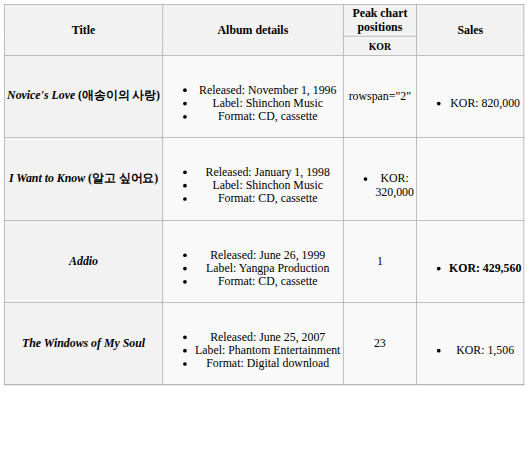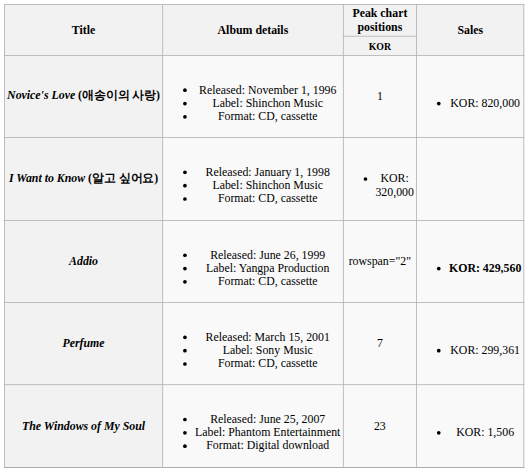 <table class="wikitable plainrowheaders" style="text-align:center;">
 <tr>
 <th scope="col" rowspan="2">Title</th>
 <th scope="col" rowspan="2">Album details</th>
 <th scope="col" colspan="1" style="width:5em;">Peak chart positions</th>
 <th scope="col" rowspan="2">Sales</th>
 </tr>
 <tr>
 <th><small>KOR</small><br></th>
 </tr>
 <tr>
 <th scope="row"><em>Novice's Love</em> (애송이의 사랑)</th>
 <td><br><ul><li>Released: November 1, 1996</li><li>Label: Shinchon Music</li><li>Format: CD, cassette</li></ul></td>
-<td>rowspan="2" </td>
+<td>1</td>
 <td><br><ul><li>KOR: 820,000</li></ul></td>
 </tr>
 <tr>
 <th scope="row"><em>I Want to Know</em> (알고 싶어요)</th>
 <td><br><ul><li>Released: January 1, 1998</li><li>Label: Shinchon Music</li><li>Format: CD, cassette</li></ul></td>
 <td><br><ul><li>KOR: 320,000</li></ul></td>
 </tr>
 <tr>
 <th scope="row"><em>Addio</em></th>
 <td><br><ul><li>Released: June 26, 1999</li><li>Label: Yangpa Production</li><li>Format: CD, cassette</li></ul></td>
-<td>1</td>
+<td>rowspan="2" </td>
 <td><strong><br><ul><li>KOR: 429,560</li></ul></strong></td>
+</tr>
+<tr>
+<th scope="row"><em>Perfume</em></th>
+<td><br><ul><li>Released: March 15, 2001</li><li>Label: Sony Music</li><li>Format: CD, cassette</li></ul></td>
+<td>7</td>
+<td><br><ul><li>KOR: 299,361</li></ul></td>
 </tr>
 <tr>
 <th scope="row"><em>The Windows of My Soul</em></th>
 <td><br><ul><li>Released: June 25, 2007</li><li>Label: Phantom Entertainment</li><li>Format: Digital download</li></ul></td>
 <td>23</td>
 <td><br><ul><li>KOR: 1,506</li></ul></td>
 </tr>
 <tr>
 </tr>
 </table>
